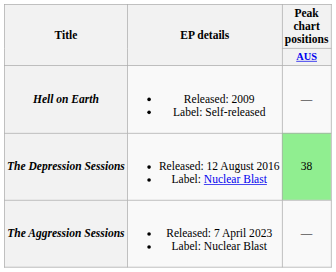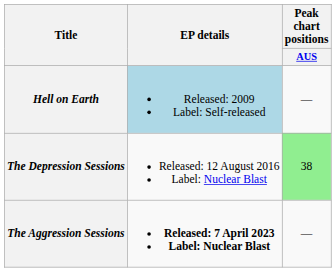 <table class="wikitable plainrowheaders" style="text-align:center;">
 <tr>
 <th rowspan="2">Title</th>
 <th rowspan="2">EP details</th>
 <th>Peak chart positions</th>
 </tr>
 <tr>
 <th style="width:3em;font-size:90%;"><a href='#'>AUS</a><br></th>
 </tr>
 <tr>
 <th scope="row"><em>Hell on Earth</em></th>
-<td><br><ul><li>Released: 2009</li><li>Label: Self-released</li></ul></td>
+<td style="background: lightblue;"><br><ul><li>Released: 2009</li><li>Label: Self-released</li></ul></td>
 <td>—</td>
 </tr>
 <tr>
 <th scope="row"><em>The Depression Sessions</em><br></th>
 <td><br><ul><li>Released: 12 August 2016</li><li>Label: <a href='#'>Nuclear Blast</a></li></ul></td>
 <td style="background: lightgreen;">38</td>
 </tr>
 <tr>
 <th scope="row"><em>The Aggression Sessions</em><br></th>
-<td><br><ul><li>Released: 7 April 2023</li><li>Label: Nuclear Blast</li></ul></td>
+<td><strong><br><ul><li>Released: 7 April 2023</li><li>Label: Nuclear Blast</li></ul></strong></td>
 <td>—</td>
 </tr>
 </table>
